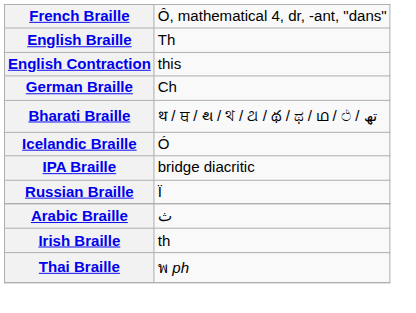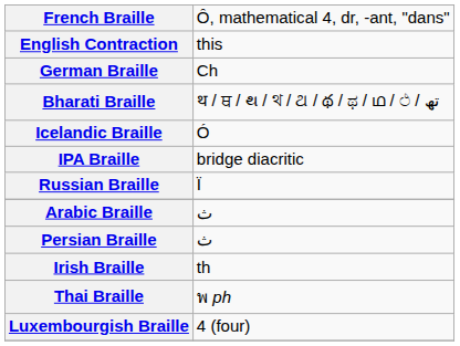 <table class="wikitable">
 <tr>
 <th align=left><a href='#'>French Braille</a></th>
 <td>Ô, mathematical 4, dr, -ant, "dans"</td>
-</tr>
-<tr>
-<th align=left><a href='#'>English Braille</a></th>
-<td>Th</td>
 </tr>
 <tr>
 <th align=left><a href='#'>English Contraction</a></th>
 <td>this</td>
 </tr>
 <tr>
 <th align=left><a href='#'>German Braille</a></th>
 <td>Ch</td>
 </tr>
 <tr>
 <th align=left><a href='#'>Bharati Braille</a></th>
 <td>थ / ਥ / થ / থ / ଥ / థ / ಥ / ഥ / ථ / تھ ‎</td>
 </tr>
 <tr>
 <th align=left><a href='#'>Icelandic Braille</a></th>
 <td>Ó</td>
 </tr>
 <tr>
 <th align=left><a href='#'>IPA Braille</a></th>
 <td>bridge diacritic</td>
 </tr>
 <tr>
 <th align=left><a href='#'>Russian Braille</a></th>
 <td>Ї</td>
 </tr>
 <tr>
 </tr>
 <tr>
 <th align=left><a href='#'>Arabic Braille</a></th>
 <td>ث</td>
 </tr>
 <tr>
+<th align=left><a href='#'>Persian Braille</a></th>
+<td>ث</td>
+</tr>
+<tr>
 <th align=left><a href='#'>Irish Braille</a></th>
 <td>th</td>
 </tr>
 <tr>
 <th align=left><a href='#'>Thai Braille</a></th>
 <td>พ <em>ph</em></td>
 </tr>
 <tr>
+<th align=left><a href='#'>Luxembourgish Braille</a></th>
+<td>4 (four)</td>
+</tr>
+<tr>
 </tr>
 </table>
